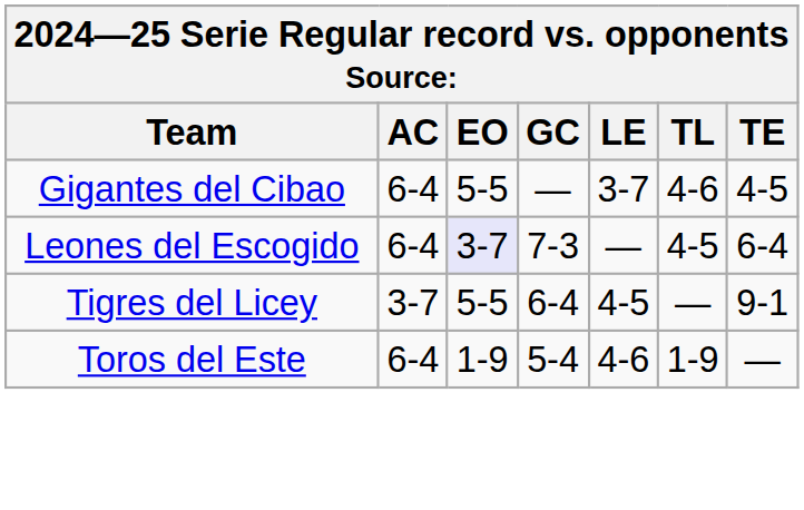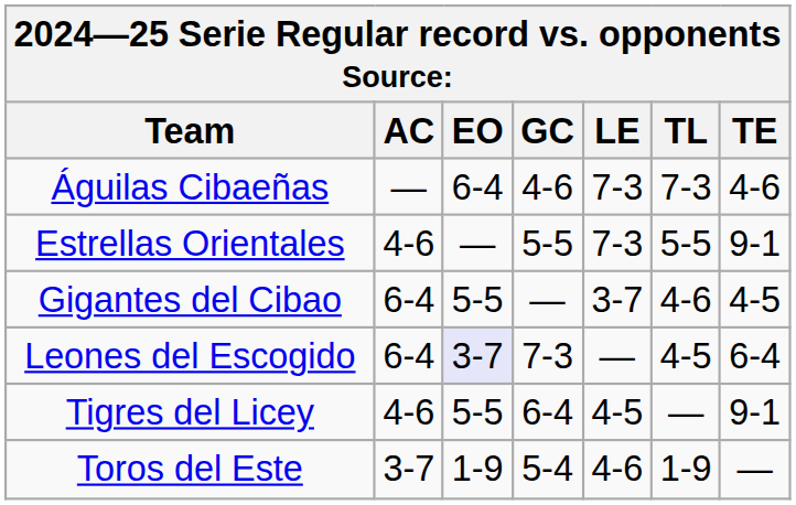 <table class="wikitable" style="font-size:95%; text-align:center;">
 <tr>
 <th colspan=7>2024—25 Serie Regular record vs. opponents<br><small>Source: </small></th>
 </tr>
 <tr>
 <th style="width:150px;">Team</th>
 <th>AC</th>
 <th>EO</th>
 <th>GC</th>
 <th>LE</th>
 <th>TL</th>
 <th>TE</th>
+</tr>
+<tr>
+<td><a href='#'>Águilas Cibaeñas</a></td>
+<td>—</td>
+<td>6-4</td>
+<td>4-6</td>
+<td>7-3</td>
+<td>7-3</td>
+<td>4-6</td>
+</tr>
+<tr>
+<td><a href='#'>Estrellas Orientales</a></td>
+<td>4-6</td>
+<td>—</td>
+<td>5-5</td>
+<td>7-3</td>
+<td>5-5</td>
+<td>9-1</td>
 </tr>
 <tr>
 <td><a href='#'>Gigantes del Cibao</a></td>
 <td>6-4</td>
 <td>5-5</td>
 <td>—</td>
 <td>3-7</td>
 <td>4-6</td>
 <td>4-5</td>
 </tr>
 <tr>
 <td><a href='#'>Leones del Escogido</a></td>
 <td>6-4</td>
 <td style="background: lavender;">3-7</td>
 <td>7-3</td>
 <td>—</td>
 <td>4-5</td>
 <td>6-4</td>
 </tr>
 <tr>
 <td><a href='#'>Tigres del Licey</a></td>
-<td>3-7</td>
+<td>4-6</td>
 <td>5-5</td>
 <td>6-4</td>
 <td>4-5</td>
 <td>—</td>
 <td>9-1</td>
 </tr>
 <tr>
 <td><a href='#'>Toros del Este</a></td>
-<td>6-4</td>
+<td>3-7</td>
 <td>1-9</td>
 <td>5-4</td>
 <td>4-6</td>
 <td>1-9</td>
 <td>—</td>
 </tr>
 </table>
